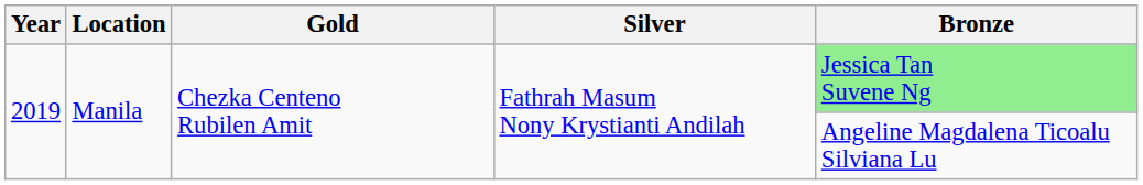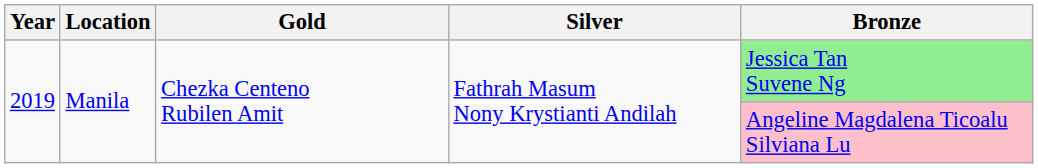 <table class="wikitable">
 <tr>
 <th>Year</th>
 <th>Location</th>
 <th width="200">Gold</th>
 <th width="200">Silver</th>
 <th width="200">Bronze</th>
 </tr>
 <tr>
 <td rowspan=2><a href='#'>2019</a></td>
 <td rowspan=2> <a href='#'>Manila</a></td>
 <td rowspan=2> <a href='#'>Chezka Centeno</a><br> <a href='#'>Rubilen Amit</a></td>
 <td rowspan=2> <a href='#'>Fathrah Masum</a><br> <a href='#'>Nony Krystianti Andilah</a></td>
 <td style="background: lightgreen;"> <a href='#'>Jessica Tan</a><br> <a href='#'>Suvene Ng</a></td>
 </tr>
 <tr>
-<td> <a href='#'>Angeline Magdalena Ticoalu</a><br> <a href='#'>Silviana Lu</a></td>
+<td style="background: pink;"> <a href='#'>Angeline Magdalena Ticoalu</a><br> <a href='#'>Silviana Lu</a></td>
 </tr>
 </table>
